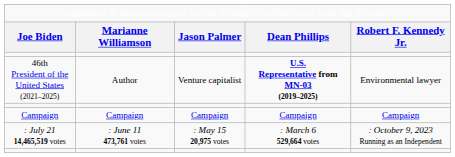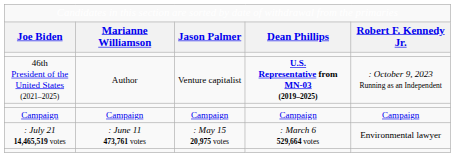 <table class="wikitable mw-collapsible mw-collapsed" style="font-size:90%">
 <tr>
 <td colspan="9" style="text-align:center; width:700px; font-size:120%; color:white; background:"><em>Candidates in this section are sorted by date of withdrawal from the primaries</em></td>
 </tr>
 <tr>
 <th scope="col" style="width:3em; font-size:120%;"><a href='#'>Joe Biden</a></th>
 <th scope="col" style="width:3em; font-size:120%;"><a href='#'>Marianne Williamson</a></th>
 <th scope="col" style="width:3em; font-size:120%;"><a href='#'>Jason Palmer</a></th>
 <th scope="col" style="width:3em; font-size:120%;"><a href='#'>Dean Phillips</a></th>
 <th scope="col" style="width:3em; font-size:120%;"><a href='#'>Robert F. Kennedy Jr.</a></th>
 </tr>
 <tr>
 <td></td>
 <td></td>
 <td></td>
 <td></td>
 <td></td>
 </tr>
 <tr style="text-align:center">
 <td>46th<br><a href='#'>President of the United States</a> <small>(2021–2025)</small></td>
 <td>Author</td>
 <td>Venture capitalist</td>
 <td><strong><a href='#'>U.S.</a><br><a href='#'>Representative</a> from<br><a href='#'>MN-03</a><br><small>(2019–2025)</small></strong></td>
-<td>Environmental lawyer</td>
+<td><em>: October 9, 2023</em><br><small>Running as an Independent</small></td>
 </tr>
 <tr>
 <td></td>
 <td></td>
 <td></td>
 <td></td>
 <td></td>
 </tr>
 <tr style="text-align:center">
 <td><a href='#'>Campaign</a></td>
 <td><a href='#'>Campaign</a></td>
 <td><a href='#'>Campaign</a></td>
 <td><a href='#'>Campaign</a></td>
 <td><a href='#'>Campaign</a></td>
 </tr>
 <tr style="text-align:center">
 <td><em>: July 21</em><br><small><strong>14,465,519</strong> votes</small></td>
 <td><em>: June 11</em><br><small><strong>473,761</strong> votes</small></td>
 <td><em>: May 15</em><br><small><strong>20,975</strong> votes</small></td>
 <td><em>: March 6</em><br><small><strong>529,664</strong> votes</small></td>
-<td><em>: October 9, 2023</em><br><small>Running as an Independent</small></td>
+<td>Environmental lawyer</td>
 </tr>
 <tr style="text-align:center">
 <td></td>
 <td></td>
 <td></td>
 <td></td>
 <td></td>
 </tr>
 </table>
